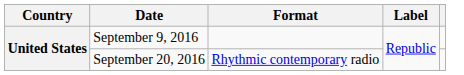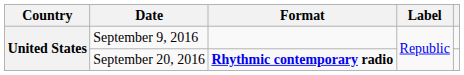 <table class="wikitable plainrowheaders">
 <tr>
 <th scope="col">Country</th>
 <th scope="col">Date</th>
 <th scope="col">Format</th>
 <th scope="col">Label</th>
 <th scope="col"></th>
 </tr>
 <tr>
 <th scope="row" rowspan="2">United States</th>
 <td>September 9, 2016</td>
 <td></td>
 <td rowspan="2"><a href='#'>Republic</a></td>
 <td align="center"></td>
 </tr>
 <tr>
 <td>September 20, 2016</td>
-<td><a href='#'>Rhythmic contemporary</a> radio</td>
+<td><strong><a href='#'>Rhythmic contemporary</a> radio</strong></td>
 <td align="center"></td>
 </tr>
 </table>
